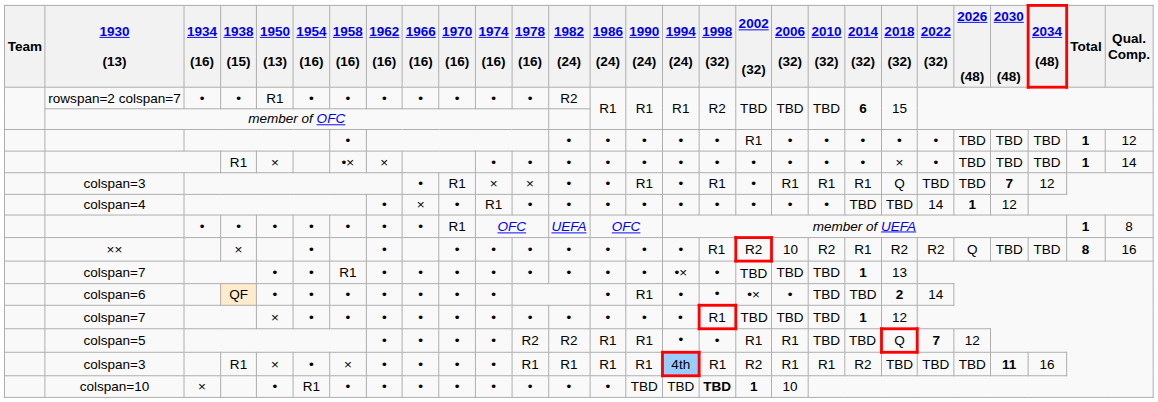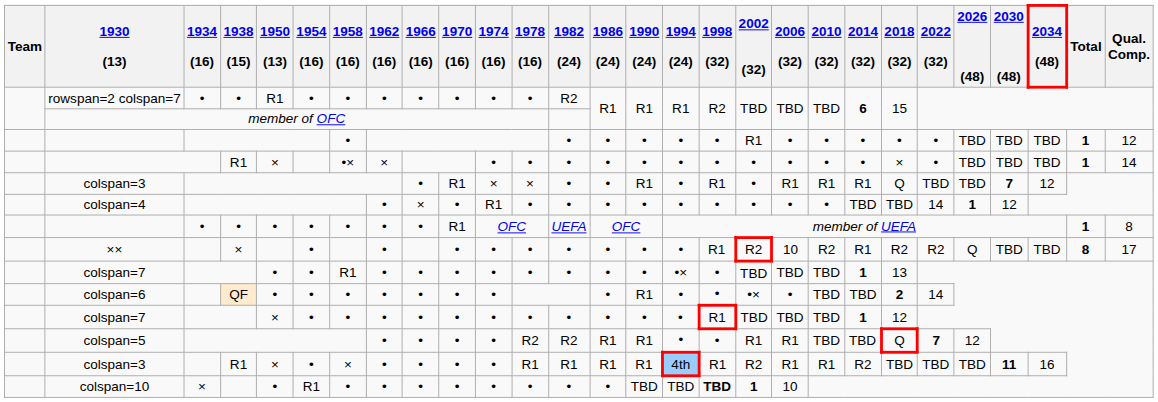 <table class="wikitable" style="text-align: center;  font-size:90%;">
 <tr>
 <th>Team</th>
 <th><a href='#'>1930</a><br><br>(13)</th>
 <th><a href='#'>1934</a><br><br>(16)</th>
 <th><a href='#'>1938</a><br><br>(15)</th>
 <th><a href='#'>1950</a><br><br>(13)</th>
 <th><a href='#'>1954</a><br><br>(16)</th>
 <th><a href='#'>1958</a><br><br>(16)</th>
 <th><a href='#'>1962</a><br><br>(16)</th>
 <th><a href='#'>1966</a><br><br>(16)</th>
 <th><a href='#'>1970</a><br><br>(16)</th>
 <th><a href='#'>1974</a><br><br>(16)</th>
 <th><a href='#'>1978</a><br><br>(16)</th>
 <th><a href='#'>1982</a><br><br>(24)</th>
 <th><a href='#'>1986</a><br><br>(24)</th>
 <th><a href='#'>1990</a><br><br>(24)</th>
 <th><a href='#'>1994</a><br><br>(24)</th>
 <th><a href='#'>1998</a><br><br>(32)</th>
 <th><a href='#'>2002</a><br><br><br>(32)</th>
 <th><a href='#'>2006</a><br><br>(32)</th>
 <th><a href='#'>2010</a><br><br>(32)</th>
 <th><a href='#'>2014</a><br><br>(32)</th>
 <th><a href='#'>2018</a><br><br>(32)</th>
 <th><a href='#'>2022</a><br><br>(32)</th>
 <th><a href='#'>2026</a><br><br><br><br>(48)</th>
 <th><a href='#'>2030</a><br> <br><br><br> (48)</th>
 <th style="border:3px solid red"><a href='#'>2034</a><br> <br> (48)</th>
 <th>Total</th>
 <th>Qual.<br>Comp.</th>
 </tr>
 <tr>
 <td rowspan=2 align=left></td>
 <td>rowspan=2 colspan=7 </td>
 <td>•</td>
 <td>•</td>
 <td>R1<br></td>
 <td>•</td>
 <td>•</td>
 <td>•</td>
 <td>•</td>
 <td>•</td>
 <td>•</td>
 <td>•</td>
 <td>R2<br></td>
 <td rowspan=2>R1<br></td>
 <td rowspan=2>R1<br></td>
 <td rowspan=2>R1<br></td>
 <td rowspan=2>R2<br></td>
 <td rowspan=2>TBD</td>
 <td rowspan=2>TBD</td>
 <td rowspan=2>TBD</td>
 <td rowspan=2><strong>6</strong></td>
 <td rowspan=2>15</td>
 </tr>
 <tr>
 <td colspan=11><em>member of <a href='#'>OFC</a></em></td>
 </tr>
 <tr>
 <td align=left></td>
 <td></td>
 <td colspan=4></td>
 <td>•</td>
 <td colspan=5></td>
 <td>•</td>
 <td>•</td>
 <td>•</td>
 <td>•</td>
 <td>•</td>
 <td>R1<br></td>
 <td>•</td>
 <td>•</td>
 <td>•</td>
 <td>•</td>
 <td>•</td>
 <td>TBD</td>
 <td>TBD</td>
 <td>TBD</td>
 <td><strong>1</strong></td>
 <td>12</td>
 </tr>
 <tr>
 <td align=left></td>
 <td colspan=2></td>
 <td>R1<br></td>
 <td>×</td>
 <td></td>
 <td>•×</td>
 <td>×</td>
 <td colspan=2></td>
 <td>•</td>
 <td>•</td>
 <td>•</td>
 <td>•</td>
 <td>•</td>
 <td>•</td>
 <td>•</td>
 <td>•</td>
 <td>•</td>
 <td>•</td>
 <td>•</td>
 <td>×</td>
 <td>•</td>
 <td>TBD</td>
 <td>TBD</td>
 <td>TBD</td>
 <td><strong>1</strong></td>
 <td>14</td>
 </tr>
 <tr>
 <td align=left></td>
 <td>colspan=3 </td>
 <td colspan=6></td>
 <td>•</td>
 <td>R1<br></td>
 <td>×</td>
 <td>×</td>
 <td>•</td>
 <td>•</td>
 <td>R1<br></td>
 <td>•</td>
 <td>R1<br></td>
 <td>•</td>
 <td>R1<br></td>
 <td>R1<br></td>
 <td>R1<br></td>
 <td>Q</td>
 <td>TBD</td>
 <td>TBD</td>
 <td><strong>7</strong></td>
 <td>12</td>
 </tr>
 <tr>
 <td align=left></td>
 <td>colspan=4 </td>
 <td colspan=5></td>
 <td>•</td>
 <td>×</td>
 <td>•</td>
 <td>R1<br></td>
 <td>•</td>
 <td>•</td>
 <td>•</td>
 <td>•</td>
 <td>•</td>
 <td>•</td>
 <td>•</td>
 <td>•</td>
 <td>•</td>
 <td>TBD</td>
 <td>TBD</td>
 <td>14</td>
 <td><strong>1</strong></td>
 <td>12</td>
 </tr>
 <tr>
 <td align=left></td>
 <td></td>
 <td>•</td>
 <td>•</td>
 <td>•</td>
 <td>•</td>
 <td>•</td>
 <td>•</td>
 <td>•</td>
 <td>R1<br></td>
 <td colspan=2><em><a href='#'>OFC</a></em></td>
 <td><em><a href='#'>UEFA</a></em></td>
 <td colspan=2><em><a href='#'>OFC</a></em></td>
 <td colspan=11><em>member of <a href='#'>UEFA</a></em></td>
 <td><strong>1</strong></td>
 <td>8</td>
 </tr>
 <tr>
 <td align=left></td>
 <td>××</td>
 <td></td>
 <td>×</td>
 <td></td>
 <td>•</td>
 <td></td>
 <td>•</td>
 <td></td>
 <td>•</td>
 <td>•</td>
 <td>•</td>
 <td>•</td>
 <td>•</td>
 <td>•</td>
 <td>•</td>
 <td>R1<br></td>
 <td style="border:3px solid red">R2<br></td>
 <td>10</td>
 <td>R2<br></td>
 <td>R1<br></td>
 <td>R2<br></td>
 <td>R2<br></td>
 <td>Q</td>
 <td>TBD</td>
 <td>TBD</td>
 <td><strong>8</strong></td>
-<td>16</td>
+<td>17</td>
 </tr>
 <tr>
 <td align=left></td>
 <td>colspan=7 </td>
 <td colspan=2></td>
 <td>•</td>
 <td>•</td>
 <td>R1<br></td>
 <td>•</td>
 <td>•</td>
 <td>•</td>
 <td>•</td>
 <td>•</td>
 <td>•</td>
 <td>•</td>
 <td>•</td>
 <td>•×</td>
 <td>•</td>
 <td>TBD</td>
 <td>TBD</td>
 <td>TBD</td>
 <td><strong>1</strong></td>
 <td>13</td>
 </tr>
 <tr>
 <td align=left></td>
 <td>colspan=6 </td>
 <td></td>
 <td bgcolor=#ffebcd>QF<br></td>
 <td>•</td>
 <td>•</td>
 <td>•</td>
 <td>•</td>
 <td>•</td>
 <td>•</td>
 <td>•</td>
 <td colspan=2></td>
 <td>•</td>
 <td>R1<br></td>
 <td>•</td>
 <td>•</td>
 <td>•×</td>
 <td>•</td>
 <td>TBD</td>
 <td>TBD</td>
 <td><strong>2</strong></td>
 <td>14</td>
 </tr>
 <tr>
 <td align=left></td>
 <td>colspan=7 </td>
 <td colspan=2></td>
 <td>×</td>
 <td>•</td>
 <td>•</td>
 <td>•</td>
 <td>•</td>
 <td>•</td>
 <td>•</td>
 <td>•</td>
 <td>•</td>
 <td>•</td>
 <td>•</td>
 <td>•</td>
 <td style="border:3px solid red">R1<br></td>
 <td>TBD</td>
 <td>TBD</td>
 <td>TBD</td>
 <td><strong>1</strong></td>
 <td>12</td>
 </tr>
 <tr>
 <td align=left></td>
 <td>colspan=5 </td>
 <td colspan=5></td>
 <td>•</td>
 <td>•</td>
 <td>•</td>
 <td>•</td>
 <td>R2<br></td>
 <td>R2<br></td>
 <td>R1<br></td>
 <td>R1<br></td>
 <td>•</td>
 <td>•</td>
 <td>R1<br></td>
 <td>R1<br></td>
 <td>TBD</td>
 <td>TBD</td>
 <td style="border:3px solid red">Q</td>
 <td><strong>7</strong></td>
 <td>12</td>
 </tr>
 <tr>
 <td align=left></td>
 <td>colspan=3 </td>
 <td></td>
 <td>R1<br></td>
 <td>×</td>
 <td>•</td>
 <td>×</td>
 <td>•</td>
 <td>•</td>
 <td>•</td>
 <td>•</td>
 <td>R1<br></td>
 <td>R1<br></td>
 <td>R1<br></td>
 <td>R1<br></td>
 <td bgcolor="#9acdff" style="border:3px solid red">4th</td>
 <td>R1<br></td>
 <td>R2<br></td>
 <td>R1<br></td>
 <td>R1<br></td>
 <td>R2<br></td>
 <td>TBD</td>
 <td>TBD</td>
 <td>TBD</td>
 <td><strong>11</strong></td>
 <td>16</td>
 </tr>
 <tr>
 <td align=left></td>
 <td>colspan=10 </td>
 <td>×</td>
 <td></td>
 <td>•</td>
 <td>R1<br></td>
 <td>•</td>
 <td>•</td>
 <td>•</td>
 <td>•</td>
 <td>•</td>
 <td>•</td>
 <td>•</td>
 <td>•</td>
 <td>TBD</td>
 <td>TBD</td>
 <td><strong>TBD</strong></td>
 <td><strong>1</strong></td>
 <td>10</td>
 </tr>
 </table>
